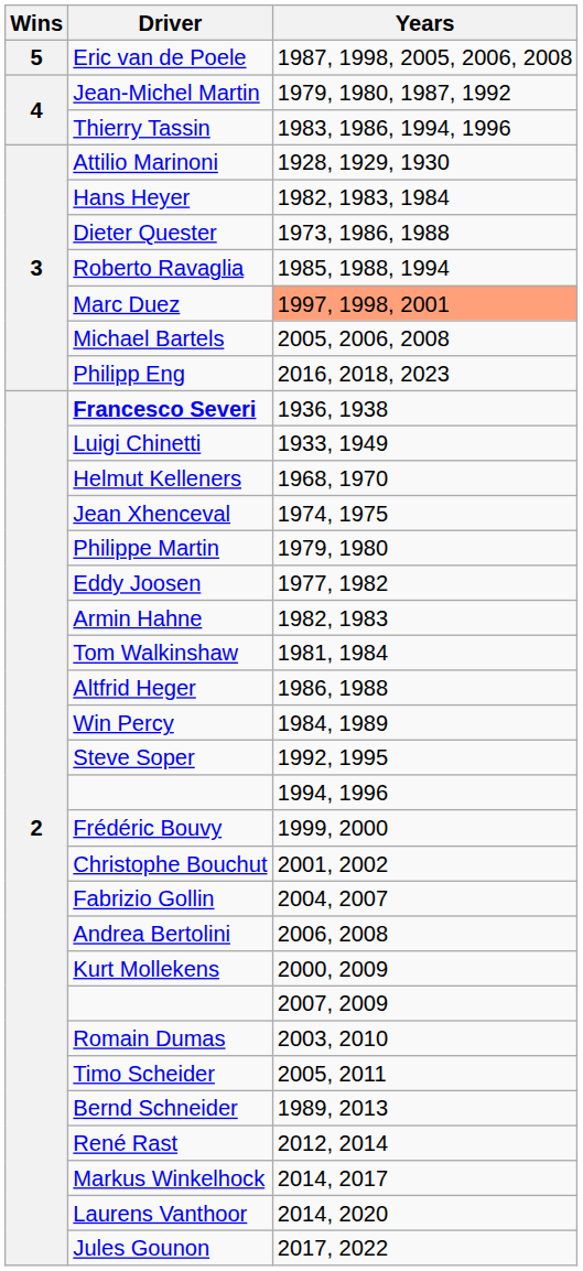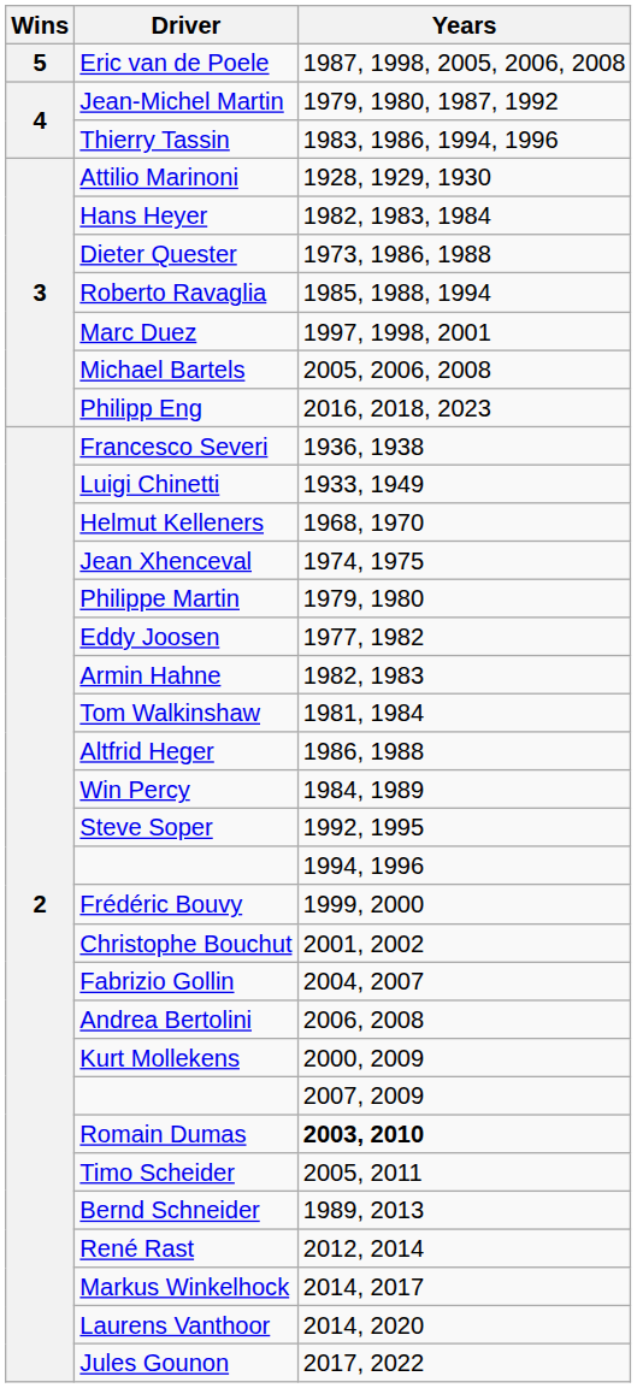 <table class="wikitable" style="font-size: 95%;">
 <tr>
 <th>Wins</th>
 <th>Driver</th>
 <th>Years</th>
 </tr>
 <tr>
 <th>5</th>
 <td> <a href='#'>Eric van de Poele</a></td>
 <td>1987, 1998, 2005, 2006, 2008</td>
 </tr>
 <tr>
 <th rowspan="2">4</th>
 <td> <a href='#'>Jean-Michel Martin</a></td>
 <td>1979, 1980, 1987, 1992</td>
 </tr>
 <tr>
 <td> <a href='#'>Thierry Tassin</a></td>
 <td>1983, 1986, 1994, 1996</td>
 </tr>
 <tr>
 <th rowspan="7">3</th>
 <td> <a href='#'>Attilio Marinoni</a></td>
 <td>1928, 1929, 1930</td>
 </tr>
 <tr>
 <td> <a href='#'>Hans Heyer</a></td>
 <td>1982, 1983, 1984</td>
 </tr>
 <tr>
 <td> <a href='#'>Dieter Quester</a></td>
 <td>1973, 1986, 1988</td>
 </tr>
 <tr>
 <td> <a href='#'>Roberto Ravaglia</a></td>
 <td>1985, 1988, 1994</td>
 </tr>
 <tr>
 <td> <a href='#'>Marc Duez</a></td>
-<td style="background: lightsalmon;">1997, 1998, 2001</td>
+<td>1997, 1998, 2001</td>
 </tr>
 <tr>
 <td> <a href='#'>Michael Bartels</a></td>
 <td>2005, 2006, 2008</td>
 </tr>
 <tr>
 <td> <a href='#'>Philipp Eng</a></td>
 <td>2016, 2018, 2023</td>
 </tr>
 <tr>
 <th rowspan="26">2</th>
-<td><strong> <a href='#'>Francesco Severi</a></strong></td>
+<td> <a href='#'>Francesco Severi</a></td>
 <td>1936, 1938</td>
 </tr>
 <tr>
 <td> <a href='#'>Luigi Chinetti</a></td>
 <td>1933, 1949</td>
 </tr>
 <tr>
 <td> <a href='#'>Helmut Kelleners</a></td>
 <td>1968, 1970</td>
 </tr>
 <tr>
 <td> <a href='#'>Jean Xhenceval</a></td>
 <td>1974, 1975</td>
 </tr>
 <tr>
 <td> <a href='#'>Philippe Martin</a></td>
 <td>1979, 1980</td>
 </tr>
 <tr>
 <td> <a href='#'>Eddy Joosen</a></td>
 <td>1977, 1982</td>
 </tr>
 <tr>
 <td> <a href='#'>Armin Hahne</a></td>
 <td>1982, 1983</td>
 </tr>
 <tr>
 <td> <a href='#'>Tom Walkinshaw</a></td>
 <td>1981, 1984</td>
 </tr>
 <tr>
 <td> <a href='#'>Altfrid Heger</a></td>
 <td>1986, 1988</td>
 </tr>
 <tr>
 <td> <a href='#'>Win Percy</a></td>
 <td>1984, 1989</td>
 </tr>
 <tr>
 <td> <a href='#'>Steve Soper</a></td>
 <td>1992, 1995</td>
 </tr>
 <tr>
 <td> </td>
 <td>1994, 1996</td>
 </tr>
 <tr>
 <td> <a href='#'>Frédéric Bouvy</a></td>
 <td>1999, 2000</td>
 </tr>
 <tr>
 <td> <a href='#'>Christophe Bouchut</a></td>
 <td>2001, 2002</td>
 </tr>
 <tr>
 <td> <a href='#'>Fabrizio Gollin</a></td>
 <td>2004, 2007</td>
 </tr>
 <tr>
 <td> <a href='#'>Andrea Bertolini</a></td>
 <td>2006, 2008</td>
 </tr>
 <tr>
 <td> <a href='#'>Kurt Mollekens</a></td>
 <td>2000, 2009</td>
 </tr>
 <tr>
 <td> </td>
 <td>2007, 2009</td>
 </tr>
 <tr>
 <td> <a href='#'>Romain Dumas</a></td>
-<td>2003, 2010</td>
+<td><strong>2003, 2010</strong></td>
 </tr>
 <tr>
 <td> <a href='#'>Timo Scheider</a></td>
 <td>2005, 2011</td>
 </tr>
 <tr>
 <td> <a href='#'>Bernd Schneider</a></td>
 <td>1989, 2013</td>
 </tr>
 <tr>
 <td> <a href='#'>René Rast</a></td>
 <td>2012, 2014</td>
 </tr>
 <tr>
 <td> <a href='#'>Markus Winkelhock</a></td>
 <td>2014, 2017</td>
 </tr>
 <tr>
 <td> <a href='#'>Laurens Vanthoor</a></td>
 <td>2014, 2020</td>
 </tr>
 <tr>
 <td> <a href='#'>Jules Gounon</a></td>
 <td>2017, 2022</td>
 </tr>
 </table>
